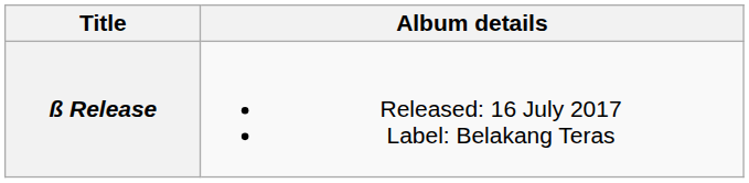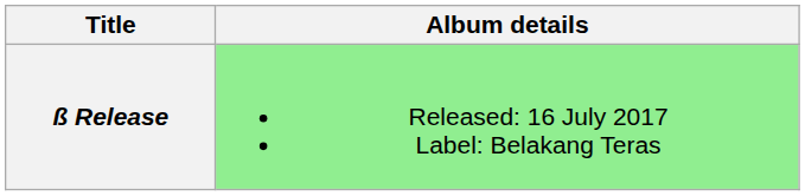 <table class="wikitable plainrowheaders" style="text-align:center;">
 <tr>
 <th scope="col" style="width:8em;">Title</th>
 <th scope="col" style="width:23em;">Album details</th>
 </tr>
 <tr>
 <th scope="row"><em>ß Release</em></th>
-<td><br><ul><li>Released: 16 July 2017</li><li>Label: Belakang Teras</li></ul></td>
+<td style="background: lightgreen;"><br><ul><li>Released: 16 July 2017</li><li>Label: Belakang Teras</li></ul></td>
 </tr>
 </table>
